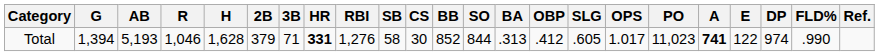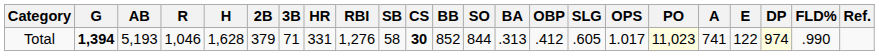 <table class="wikitable"  style="font-size: 95%; text-align:center;">
 <tr>
 <th>Category</th>
 <th>G</th>
 <th>AB</th>
 <th>R</th>
 <th>H</th>
 <th>2B</th>
 <th>3B</th>
 <th>HR</th>
 <th>RBI</th>
 <th>SB</th>
 <th>CS</th>
 <th>BB</th>
 <th>SO</th>
 <th>BA</th>
 <th>OBP</th>
 <th>SLG</th>
 <th>OPS</th>
 <th>PO</th>
 <th>A</th>
 <th>E</th>
 <th>DP</th>
 <th>FLD%</th>
 <th>Ref.</th>
 </tr>
 <tr>
 <td>Total</td>
-<td>1,394</td>
+<td><strong>1,394</strong></td>
 <td>5,193</td>
 <td>1,046</td>
 <td>1,628</td>
 <td>379</td>
 <td>71</td>
-<td><strong>331</strong></td>
+<td>331</td>
 <td>1,276</td>
 <td>58</td>
-<td>30</td>
+<td><strong>30</strong></td>
 <td>852</td>
 <td>844</td>
 <td>.313</td>
 <td>.412</td>
 <td>.605</td>
 <td>1.017</td>
-<td>11,023</td>
-<td><strong>741</strong></td>
+<td style="background: lightyellow;">11,023</td>
+<td>741</td>
 <td>122</td>
-<td>974</td>
+<td style="background: lightyellow;">974</td>
 <td>.990</td>
 <td></td>
 </tr>
 </table>
